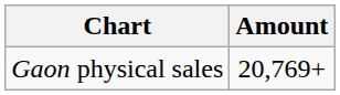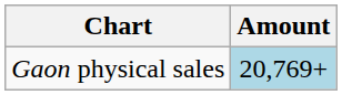 <table class="wikitable">
 <tr>
 <th>Chart</th>
 <th>Amount</th>
 </tr>
 <tr>
 <td><em>Gaon</em> physical sales</td>
-<td align="center">20,769+</td>
+<td align="center" style="background: lightblue;">20,769+</td>
 </tr>
 </table>
